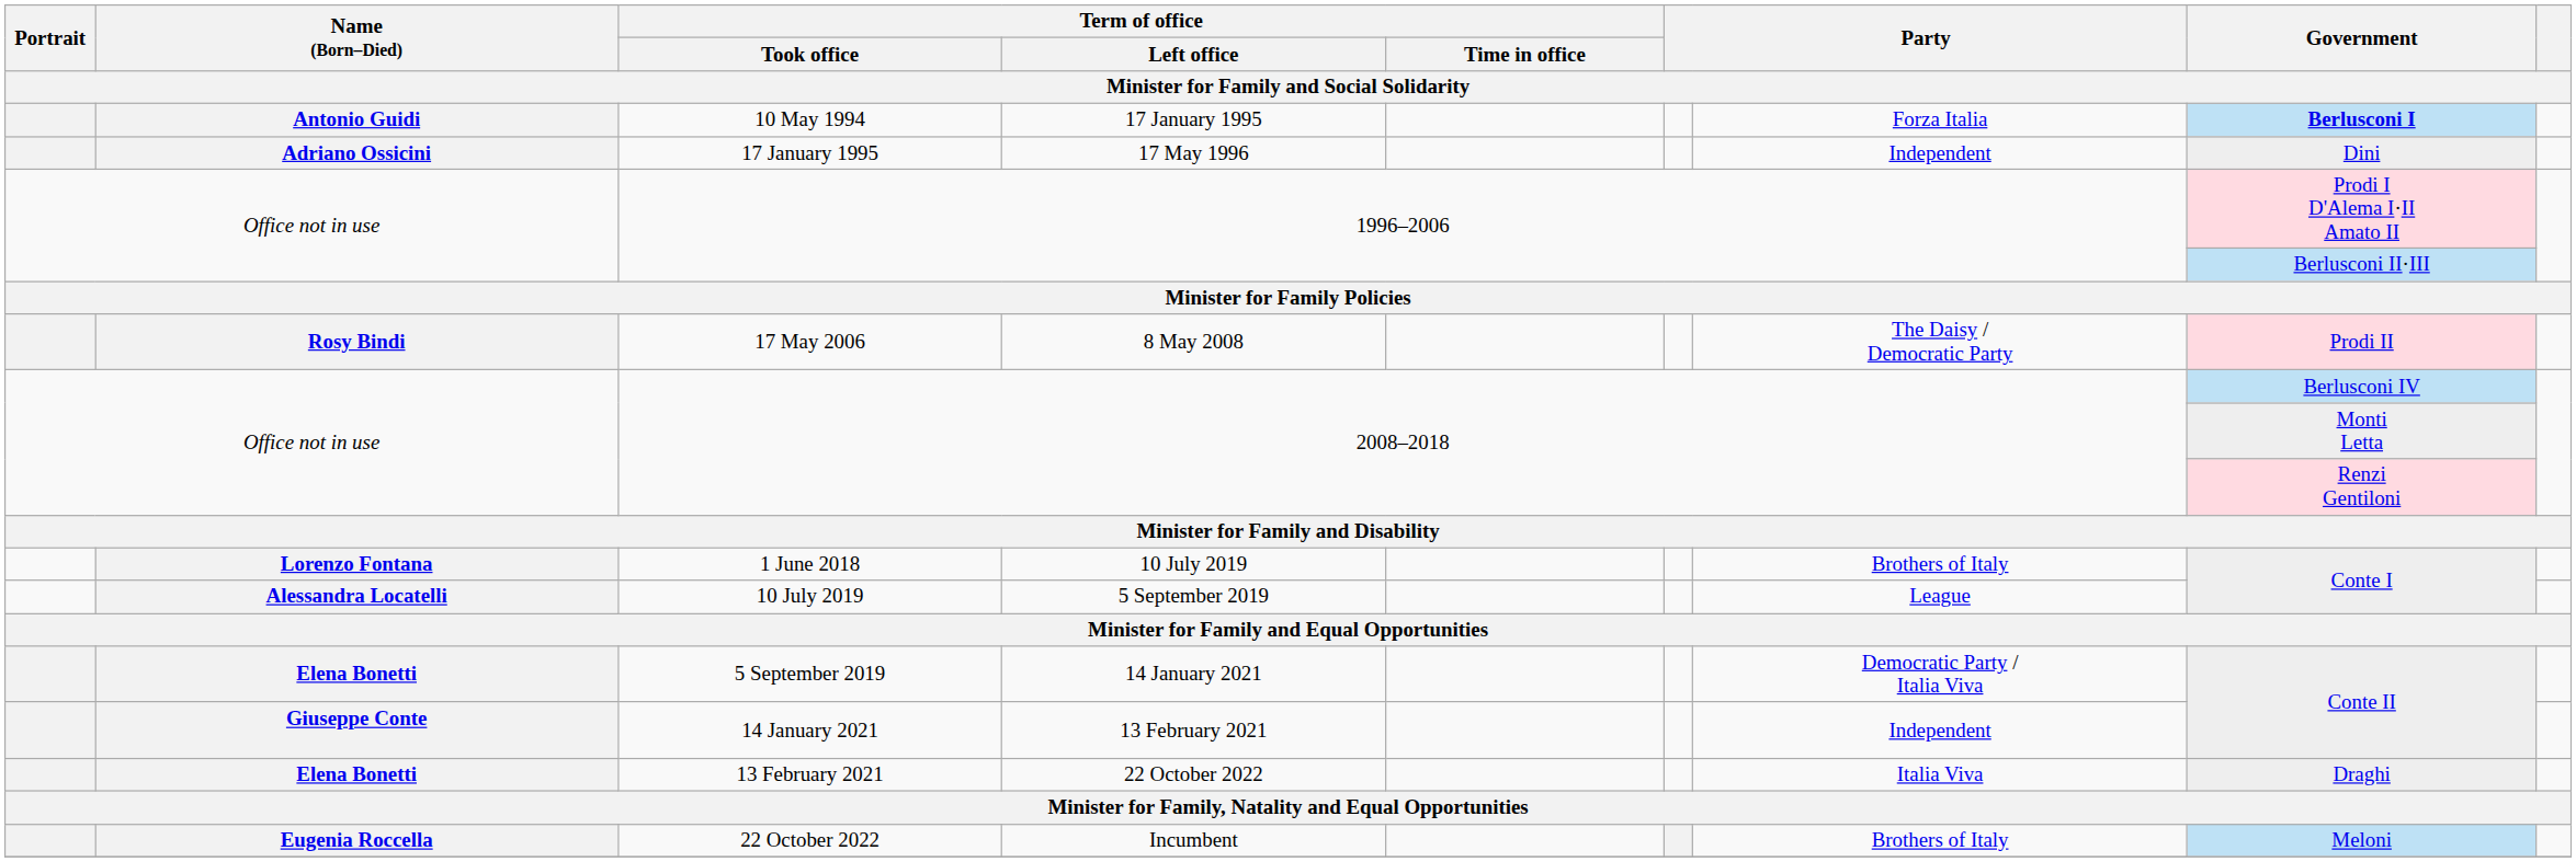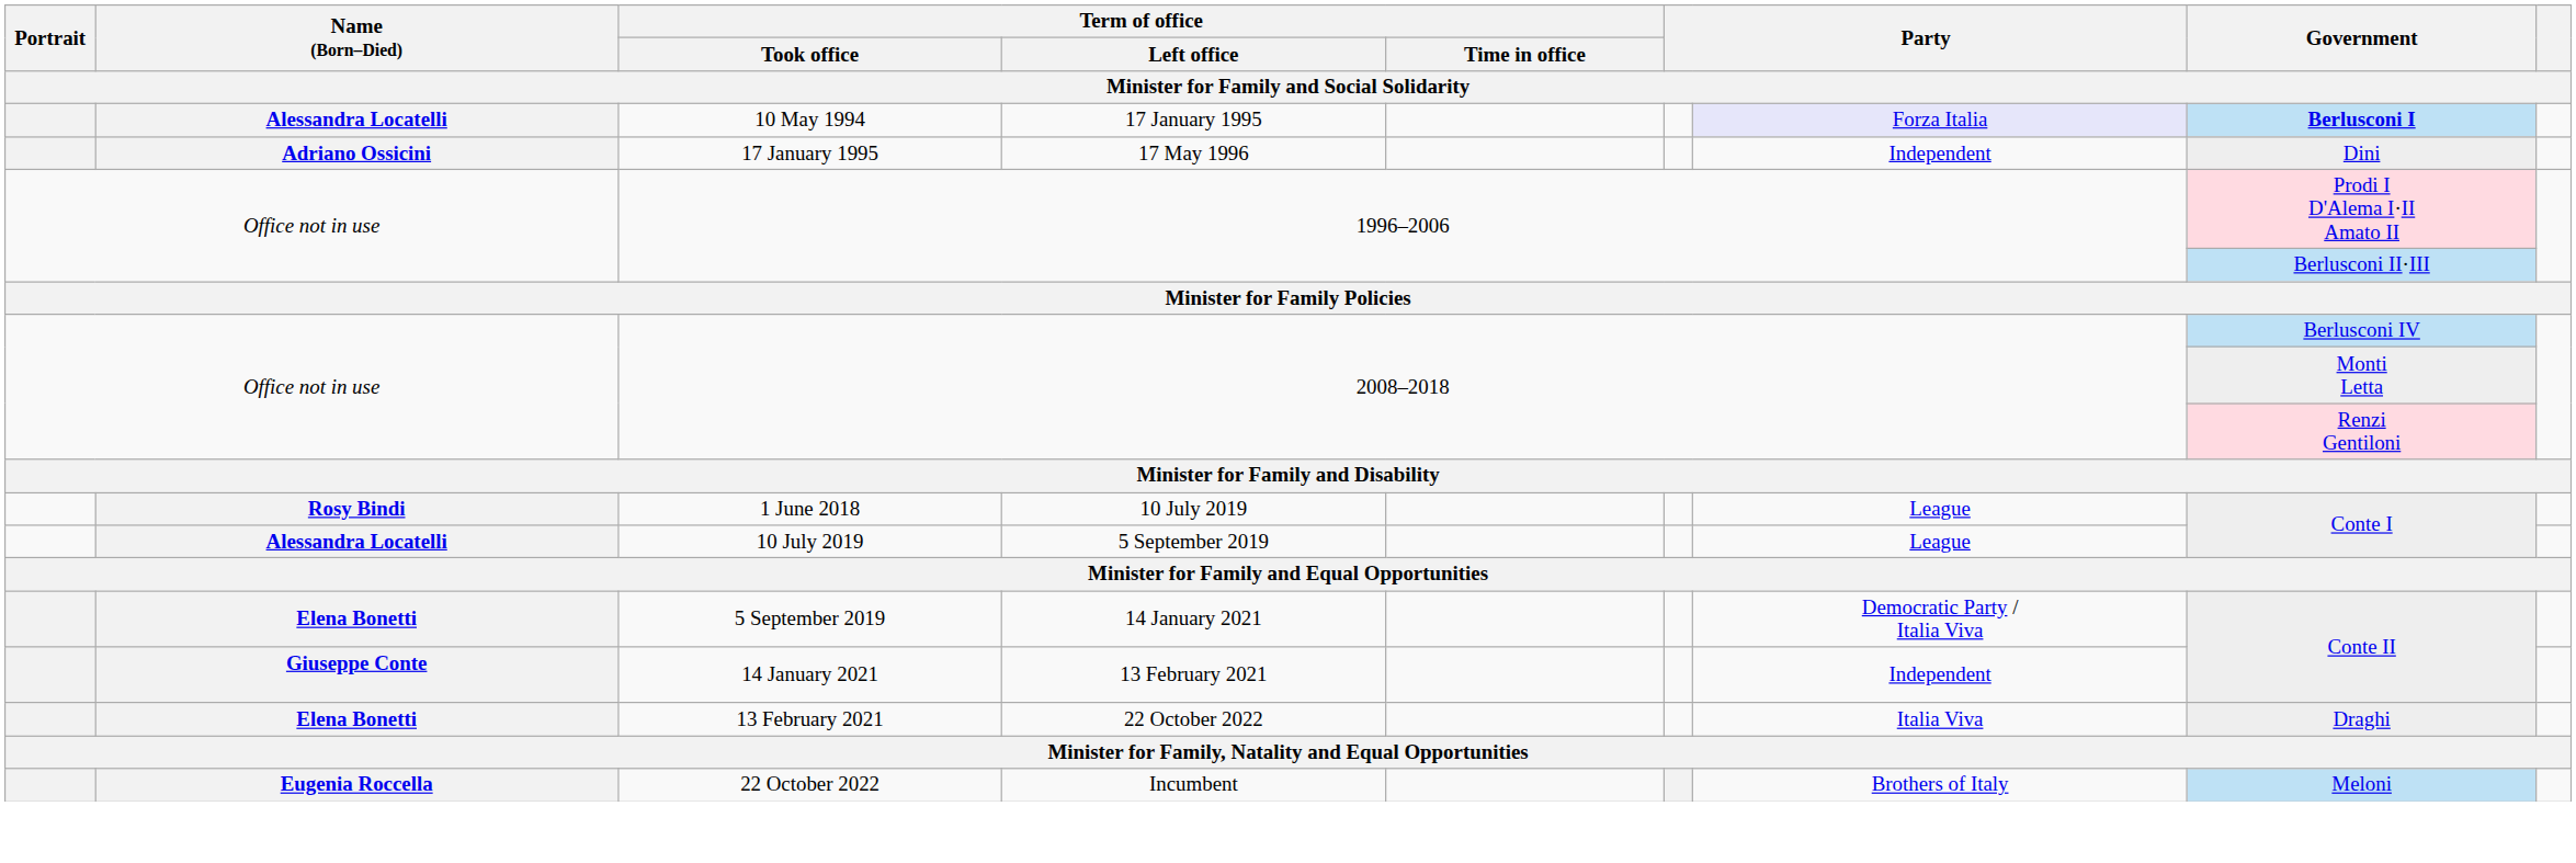 <table class="wikitable" style="text-align:center; style="width=100%">
 <tr>
 <th width=1% rowspan=2>Portrait</th>
 <th width=15% rowspan=2>Name<br><small>(Born–Died)</small></th>
 <th width=30% colspan=3>Term of office</th>
 <th width=15% rowspan=2 colspan=2>Party</th>
 <th width=10% rowspan=2>Government</th>
 <th width=1% rowspan=2></th>
 </tr>
 <tr style="text-align:center;">
 <th width=11%>Took office</th>
 <th width=11%>Left office</th>
 <th width=8%>Time in office</th>
 </tr>
 <tr>
 <th colspan=9>Minister for Family and Social Solidarity</th>
 </tr>
 <tr>
 <th></th>
-<th scope="row" style="font-weight:normal"><strong><a href='#'>Antonio Guidi</a></strong><br></th>
+<th scope="row" style="font-weight:normal"><strong><a href='#'>Alessandra Locatelli</a></strong><br></th>
 <td>10 May 1994</td>
 <td>17 January 1995</td>
 <td></td>
 <td></td>
-<td><a href='#'>Forza Italia</a></td>
+<td style="background: lavender;"><a href='#'>Forza Italia</a></td>
 <td bgcolor=#BEE1F5><strong><a href='#'>Berlusconi I</a></strong></td>
 <td></td>
 </tr>
 <tr>
 <th></th>
 <th scope="row" style="font-weight:normal"><strong><a href='#'>Adriano Ossicini</a></strong><br></th>
 <td>17 January 1995</td>
 <td>17 May 1996</td>
 <td></td>
 <td></td>
 <td><a href='#'>Independent</a></td>
 <td bgcolor=#EEEEEE><a href='#'>Dini</a></td>
 <td></td>
 </tr>
 <tr>
 <td rowspan=2 colspan=2><em>Office not in use</em></td>
 <td rowspan=2 colspan=5 align="center">1996–2006</td>
 <td bgcolor=#FFDAE1><a href='#'>Prodi I</a><br><a href='#'>D'Alema I</a>·<a href='#'>II</a><br><a href='#'>Amato II</a></td>
 <td rowspan=2></td>
 </tr>
 <tr>
 <td bgcolor=#BEE1F5><a href='#'>Berlusconi II</a>·<a href='#'>III</a></td>
 </tr>
 <tr>
 <th colspan=9>Minister for Family Policies</th>
 </tr>
 <tr>
-<th></th>
-<th scope="row" style="font-weight:normal"><strong><a href='#'>Rosy Bindi</a></strong><br></th>
-<td>17 May 2006</td>
-<td>8 May 2008</td>
-<td></td>
-<td></td>
-<td><a href='#'>The Daisy</a> /<br><a href='#'>Democratic Party</a></td>
-<td bgcolor=#FFDAE1><a href='#'>Prodi II</a></td>
-<td></td>
-</tr>
-<tr>
 <td rowspan=3 colspan=2><em>Office not in use</em></td>
 <td rowspan=3 colspan=5 align="center">2008–2018</td>
 <td bgcolor=#BEE1F5><a href='#'>Berlusconi IV</a></td>
 <td rowspan=3></td>
 </tr>
 <tr>
 <td bgcolor=#EEEEEE><a href='#'>Monti</a><br><a href='#'>Letta</a></td>
 </tr>
 <tr>
 <td bgcolor=#FFDAE1><a href='#'>Renzi</a><br><a href='#'>Gentiloni</a></td>
 </tr>
 <tr>
 <th colspan=9>Minister for Family and Disability</th>
 </tr>
 <tr>
 <td></td>
-<th scope="row" style="font-weight:normal"><strong><a href='#'>Lorenzo Fontana</a></strong><br></th>
+<th scope="row" style="font-weight:normal"><strong><a href='#'>Rosy Bindi</a></strong><br></th>
 <td>1 June 2018</td>
 <td>10 July 2019</td>
 <td></td>
 <td></td>
-<td><a href='#'>Brothers of Italy</a></td>
+<td><a href='#'>League</a></td>
 <td rowspan=2 bgcolor=#EEEEEE><a href='#'>Conte I</a></td>
 <td></td>
 </tr>
 <tr>
 <td></td>
 <th scope="row" style="font-weight:normal"><strong><a href='#'>Alessandra Locatelli</a></strong><br></th>
 <td>10 July 2019</td>
 <td>5 September 2019</td>
 <td></td>
 <td></td>
 <td><a href='#'>League</a></td>
 <td></td>
 </tr>
 <tr>
 <th colspan=9>Minister for Family and Equal Opportunities</th>
 </tr>
 <tr>
 <th></th>
 <th scope="row" style="font-weight:normal"><strong><a href='#'>Elena Bonetti</a></strong><br></th>
 <td>5 September 2019</td>
 <td>14 January 2021</td>
 <td></td>
 <td></td>
 <td><a href='#'>Democratic Party</a> /<br><a href='#'>Italia Viva</a></td>
 <td rowspan=2 bgcolor=#EEEEEE><a href='#'>Conte II</a></td>
 <td></td>
 </tr>
 <tr>
 <th></th>
 <th scope="row" style="font-weight:normal"><strong><a href='#'>Giuseppe Conte</a></strong><br><br><em></em></th>
 <td>14 January 2021</td>
 <td>13 February 2021</td>
 <td></td>
 <td></td>
 <td><a href='#'>Independent</a></td>
 <td></td>
 </tr>
 <tr>
 <th></th>
 <th scope="row" style="font-weight:normal"><strong><a href='#'>Elena Bonetti</a></strong><br></th>
 <td>13 February 2021</td>
 <td>22 October 2022</td>
 <td></td>
 <td></td>
 <td><a href='#'>Italia Viva</a></td>
 <td bgcolor=#EEEEEE><a href='#'>Draghi</a></td>
 <td></td>
 </tr>
 <tr>
 <th colspan=9>Minister for Family, Natality and Equal Opportunities</th>
 </tr>
 <tr>
 <th></th>
 <th scope="row" style="font-weight:normal"><strong><a href='#'>Eugenia Roccella</a></strong><br></th>
 <td>22 October 2022</td>
 <td>Incumbent</td>
 <td></td>
 <th style="background:"></th>
 <td><a href='#'>Brothers of Italy</a></td>
 <td bgcolor=#BEE1F5><a href='#'>Meloni</a></td>
 <td></td>
 </tr>
 <tr>
 </tr>
 </table>
